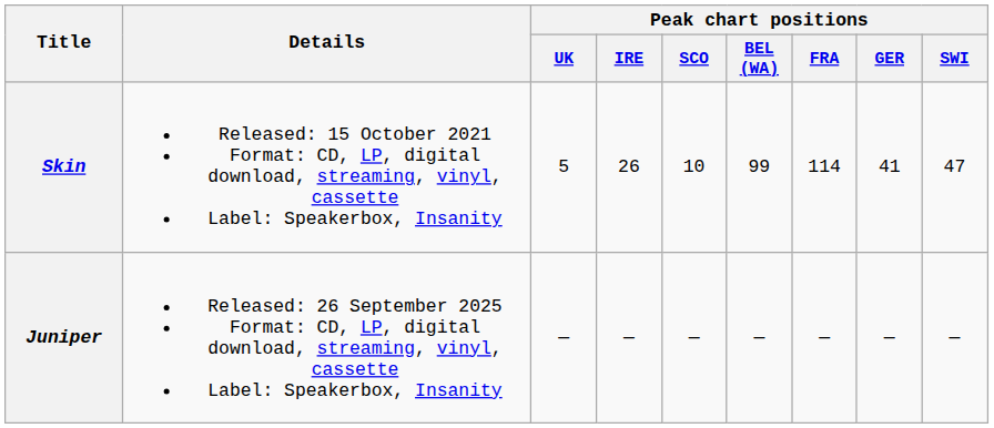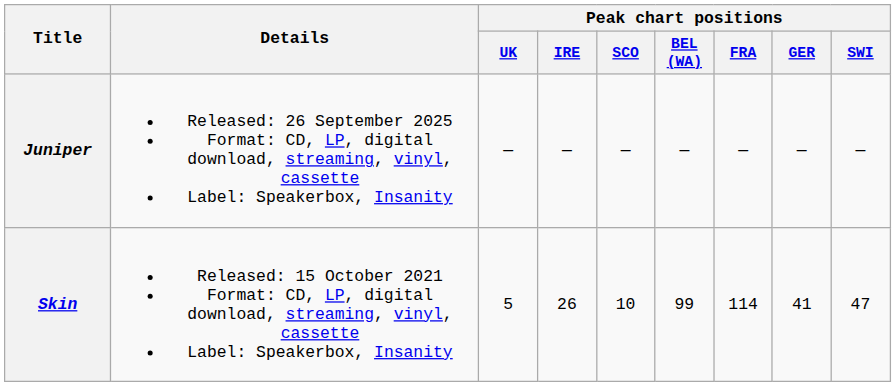 <table class="wikitable plainrowheaders" style="text-align:center;">
 <tr>
 <th scope="col" rowspan="2" style="width:6em;">Title</th>
 <th scope="col" rowspan="2" style="width:22em;">Details</th>
 <th scope="col" colspan="7">Peak chart positions</th>
 </tr>
 <tr>
 <th scope="col" style="width:3.5em;font-size:90%;"><a href='#'>UK</a><br></th>
 <th scope="col" style="width:3.5em;font-size:90%;"><a href='#'>IRE</a><br></th>
 <th scope="col" style="width:3.5em;font-size:90%;"><a href='#'>SCO</a><br></th>
 <th scope="col" style="width:3.5em;font-size:90%;"><a href='#'>BEL<br>(WA)</a><br></th>
 <th scope="col" style="width:3.5em;font-size:90%;"><a href='#'>FRA</a><br></th>
 <th scope="col" style="width:3.5em;font-size:90%;"><a href='#'>GER</a><br></th>
 <th scope="col" style="width:3.5em;font-size:90%;"><a href='#'>SWI</a><br></th>
 </tr>
 <tr>
+<th scope="row"><em>Juniper</em></th>
+<td><br><ul><li>Released: 26 September 2025</li><li>Format: CD, <a href='#'>LP</a>, digital download, <a href='#'>streaming</a>, <a href='#'>vinyl</a>, <a href='#'>cassette</a></li><li>Label: Speakerbox, <a href='#'>Insanity</a></li></ul></td>
+<td>—</td>
+<td>—</td>
+<td>—</td>
+<td>—</td>
+<td>—</td>
+<td>—</td>
+<td>—</td>
+</tr>
+<tr>
 <th scope="row"><em><a href='#'>Skin</a></em></th>
 <td><br><ul><li>Released: 15 October 2021</li><li>Format: CD, <a href='#'>LP</a>, digital download, <a href='#'>streaming</a>, <a href='#'>vinyl</a>, <a href='#'>cassette</a></li><li>Label: Speakerbox, <a href='#'>Insanity</a></li></ul></td>
 <td>5</td>
 <td>26</td>
 <td>10</td>
 <td>99</td>
 <td>114</td>
 <td>41</td>
 <td>47</td>
 </tr>
-<tr>
-<th scope="row"><em>Juniper</em></th>
-<td><br><ul><li>Released: 26 September 2025</li><li>Format: CD, <a href='#'>LP</a>, digital download, <a href='#'>streaming</a>, <a href='#'>vinyl</a>, <a href='#'>cassette</a></li><li>Label: Speakerbox, <a href='#'>Insanity</a></li></ul></td>
-<td>—</td>
-<td>—</td>
-<td>—</td>
-<td>—</td>
-<td>—</td>
-<td>—</td>
-<td>—</td>
-</tr>
 </table>
